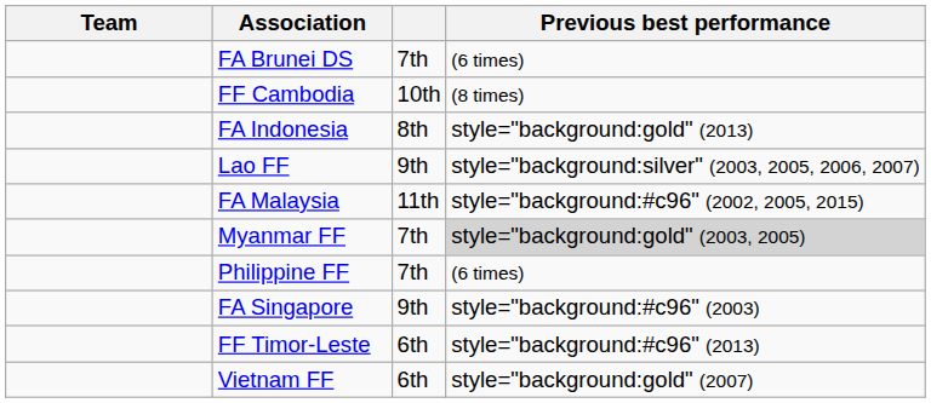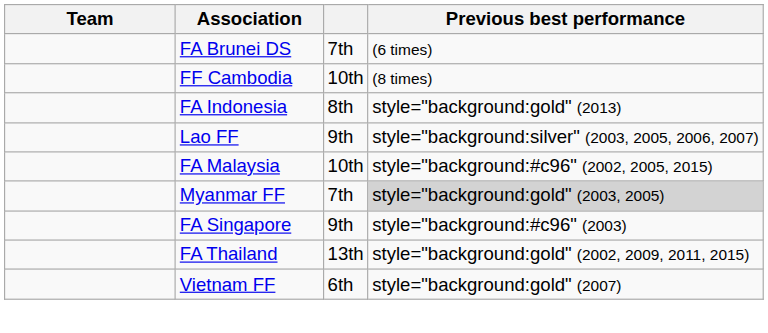 <table class="wikitable sortable">
 <tr>
 <th style="width:140px;">Team</th>
 <th style="width:120px;">Association</th>
 <th></th>
 <th>Previous best performance</th>
 </tr>
 <tr>
 <td></td>
 <td><a href='#'>FA Brunei DS</a></td>
 <td>7th</td>
 <td> <small>(6 times)</small></td>
 </tr>
 <tr>
 <td></td>
 <td><a href='#'>FF Cambodia</a></td>
 <td>10th</td>
 <td> <small>(8 times)</small></td>
 </tr>
 <tr>
 <td></td>
 <td><a href='#'>FA Indonesia</a></td>
 <td>8th</td>
 <td>style="background:gold"  <small>(2013)</small></td>
 </tr>
 <tr>
 <td></td>
 <td><a href='#'>Lao FF</a></td>
 <td>9th</td>
 <td>style="background:silver"  <small>(2003, 2005, 2006, 2007)</small></td>
 </tr>
 <tr>
 <td></td>
 <td><a href='#'>FA Malaysia</a></td>
-<td>11th</td>
+<td>10th</td>
 <td>style="background:#c96"  <small>(2002, 2005, 2015)</small></td>
 </tr>
 <tr>
 <td></td>
 <td><a href='#'>Myanmar FF</a></td>
 <td>7th</td>
 <td style="background: lightgrey;">style="background:gold"  <small>(2003, 2005)</small></td>
 </tr>
 <tr>
 <td></td>
-<td><a href='#'>Philippine FF</a></td>
-<td>7th</td>
-<td> <small>(6 times)</small></td>
-</tr>
-<tr>
-<td></td>
 <td><a href='#'>FA Singapore</a></td>
 <td>9th</td>
 <td>style="background:#c96"  <small>(2003)</small></td>
 </tr>
 <tr>
 <td></td>
-<td><a href='#'>FF Timor-Leste</a></td>
-<td>6th</td>
-<td>style="background:#c96"  <small>(2013)</small></td>
+<td><a href='#'>FA Thailand</a></td>
+<td>13th</td>
+<td>style="background:gold"  <small>(2002, 2009, 2011, 2015)</small></td>
 </tr>
 <tr>
 <td></td>
 <td><a href='#'>Vietnam FF</a></td>
 <td>6th</td>
 <td>style="background:gold"  <small>(2007)</small></td>
 </tr>
 </table>
